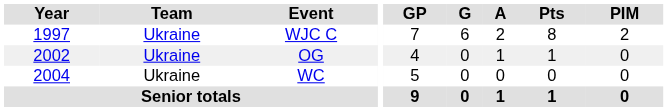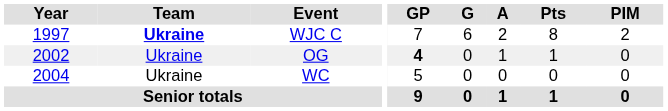 <table border="0" cellpadding="1" cellspacing="0" style="text-align:center; width:40em">
 <tr bgcolor="#e0e0e0">
 <th>Year</th>
 <th>Team</th>
 <th>Event</th>
 <th rowspan="99" bgcolor="#ffffff"></th>
 <th>GP</th>
 <th>G</th>
 <th>A</th>
 <th>Pts</th>
 <th>PIM</th>
 </tr>
 <tr>
 <td><a href='#'>1997</a></td>
-<td><a href='#'>Ukraine</a></td>
+<td><strong><a href='#'>Ukraine</a></strong></td>
 <td><a href='#'>WJC C</a></td>
 <td>7</td>
 <td>6</td>
 <td>2</td>
 <td>8</td>
 <td>2</td>
 </tr>
 <tr bgcolor="#f0f0f0">
 <td><a href='#'>2002</a></td>
 <td><a href='#'>Ukraine</a></td>
 <td><a href='#'>OG</a></td>
-<td>4</td>
+<td><strong>4</strong></td>
 <td>0</td>
 <td>1</td>
 <td>1</td>
 <td>0</td>
 </tr>
 <tr>
 <td><a href='#'>2004</a></td>
 <td>Ukraine</td>
 <td><a href='#'>WC</a></td>
 <td>5</td>
 <td>0</td>
 <td>0</td>
 <td>0</td>
 <td>0</td>
 </tr>
 <tr bgcolor="#e0e0e0">
 <th colspan="3">Senior totals</th>
 <th>9</th>
 <th>0</th>
 <th>1</th>
 <th>1</th>
 <th>0</th>
 </tr>
 </table>
